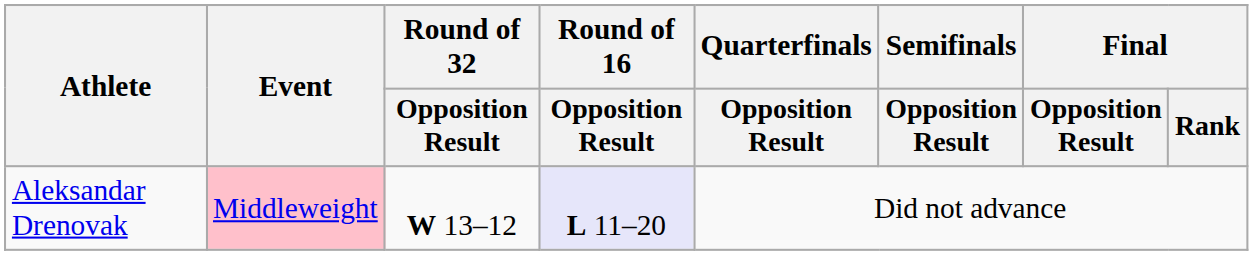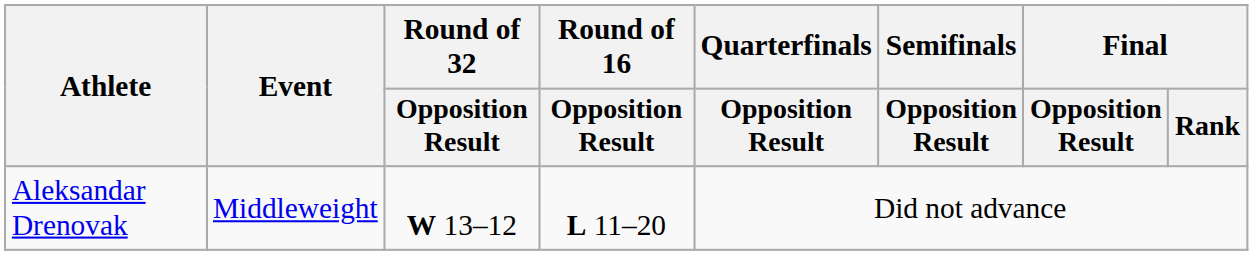 <table class="wikitable" style="font-size:90%">
 <tr>
 <th rowspan=2>Athlete</th>
 <th rowspan=2>Event</th>
 <th>Round of 32</th>
 <th>Round of 16</th>
 <th>Quarterfinals</th>
 <th>Semifinals</th>
 <th colspan=2>Final</th>
 </tr>
 <tr style="font-size:95%">
 <th>Opposition<br>Result</th>
 <th>Opposition<br>Result</th>
 <th>Opposition<br>Result</th>
 <th>Opposition<br>Result</th>
 <th>Opposition<br>Result</th>
 <th>Rank</th>
 </tr>
 <tr align=center>
 <td align=left><a href='#'>Aleksandar Drenovak</a></td>
-<td align=left style="background: pink;"><a href='#'>Middleweight</a></td>
+<td align=left><a href='#'>Middleweight</a></td>
 <td><br><strong>W</strong> 13–12</td>
-<td style="background: lavender;"><br><strong>L</strong> 11–20</td>
+<td><br><strong>L</strong> 11–20</td>
 <td colspan=4 align=center>Did not advance</td>
 </tr>
 </table>
